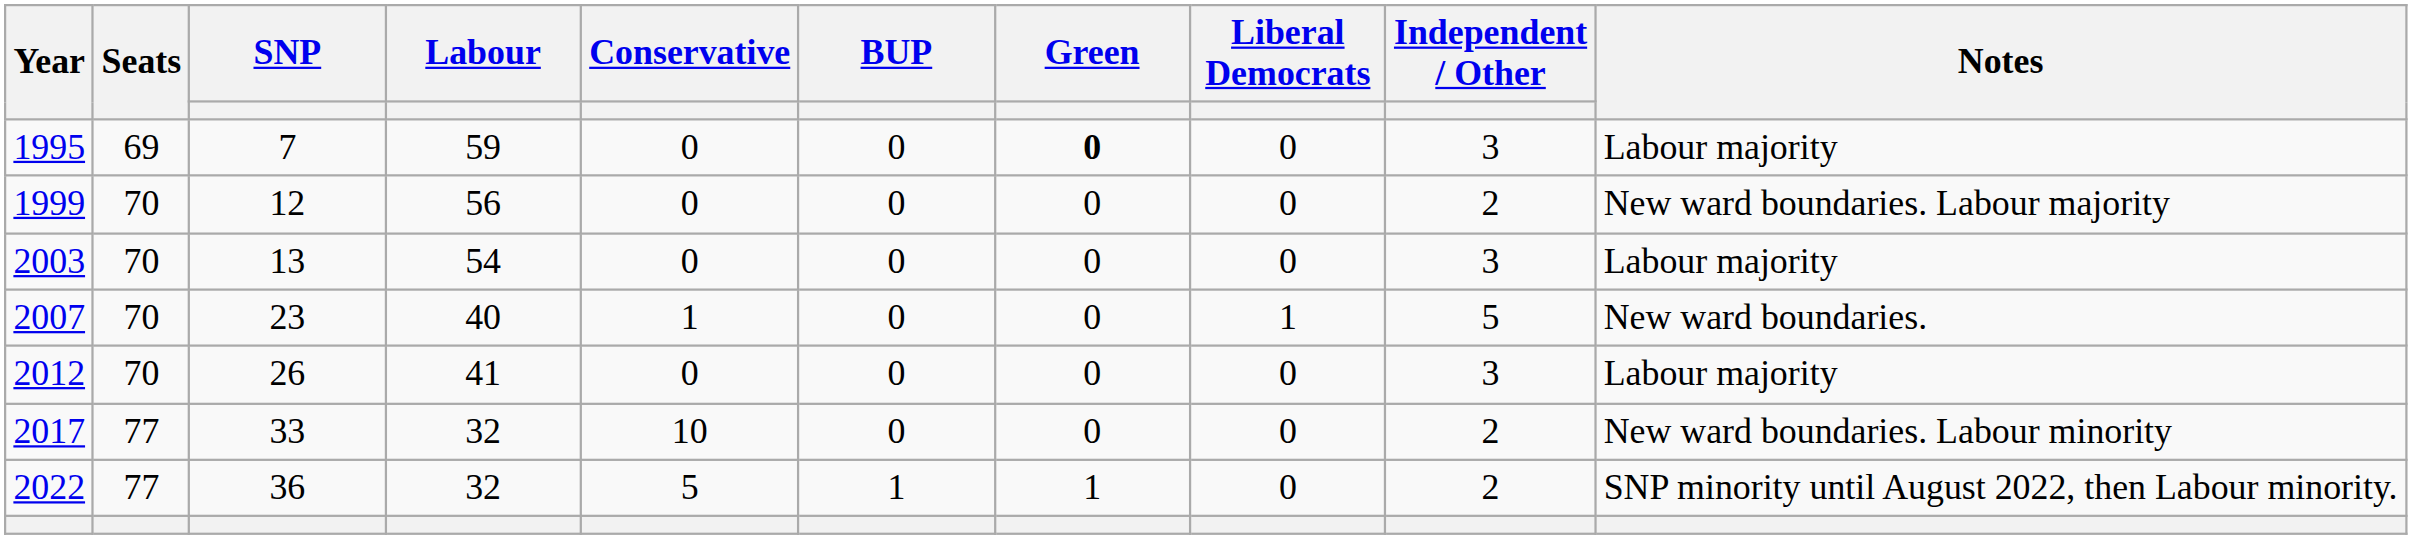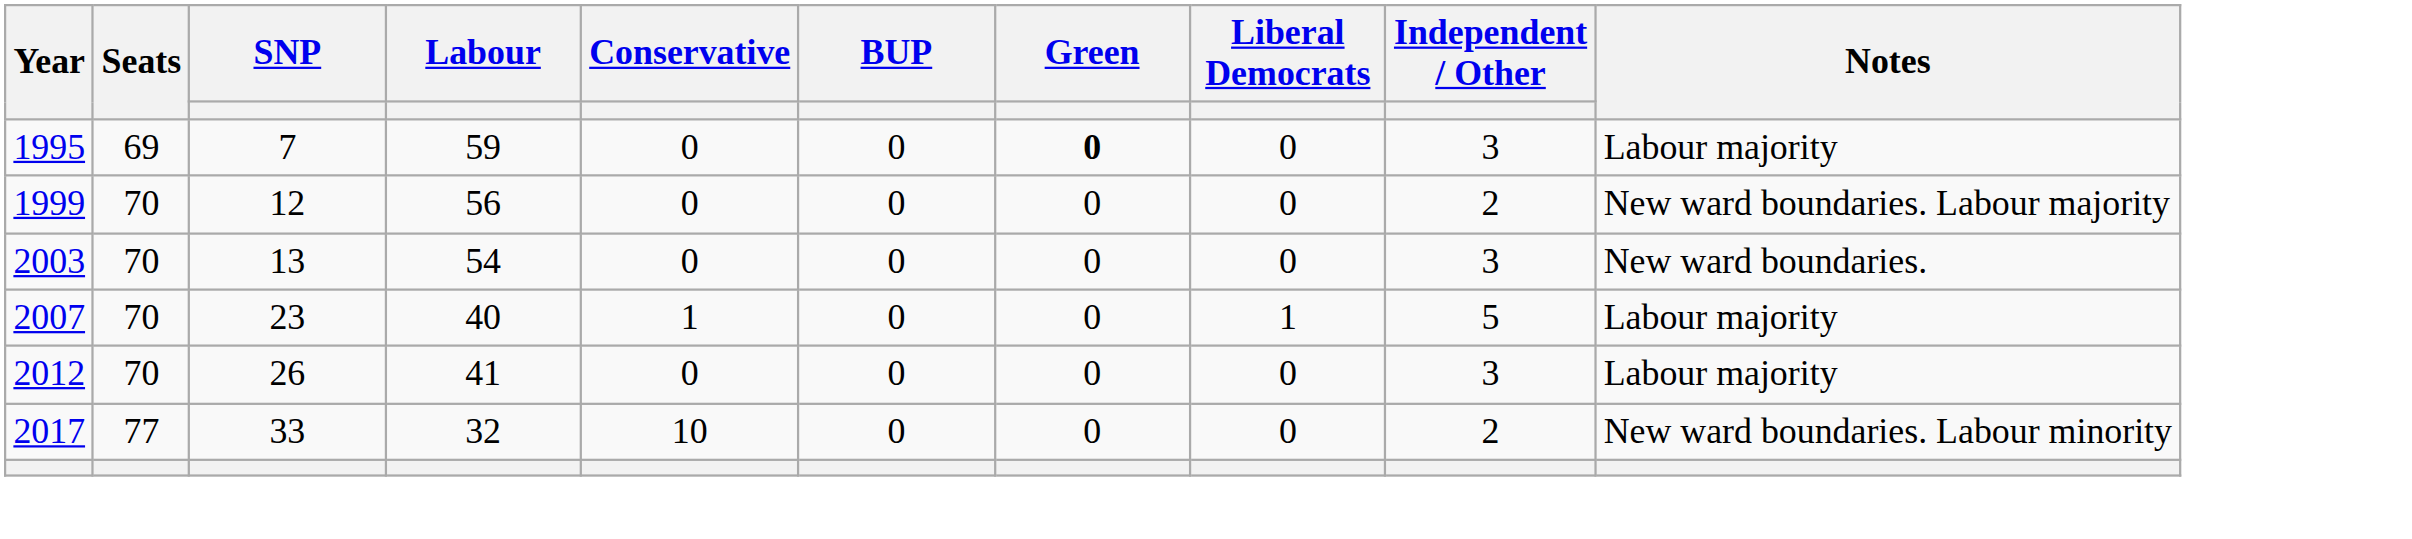 <table class="wikitable" style=text-align:center>
 <tr>
 <th rowspan=2><strong>Year</strong></th>
 <th rowspan=2><strong>Seats</strong></th>
 <th width="80"><a href='#'><strong>SNP</strong></a></th>
 <th width="80"><a href='#'><strong>Labour</strong></a></th>
 <th width="80"><strong><a href='#'>Conservative</a></strong></th>
 <th width="80"><a href='#'><strong>BUP</strong></a></th>
 <th width="80"><a href='#'><strong>Green</strong></a></th>
 <th width="80"><a href='#'><strong>Liberal Democrats</strong></a></th>
 <th width="80"><a href='#'><strong>Independent / Other</strong></a></th>
 <th rowspan=2><strong>Notes</strong></th>
 </tr>
 <tr>
 <th style="background-color: "></th>
 <th style="background-color: "></th>
 <th style="background-color: "></th>
 <th style="background-color: "></th>
 <th style="background-color: "></th>
 <th style="background-color: "></th>
 <th style="background-color: "></th>
 </tr>
 <tr>
 <td><a href='#'>1995</a></td>
 <td>69</td>
 <td>7</td>
 <td>59</td>
 <td>0</td>
 <td>0</td>
 <td><strong>0</strong></td>
 <td>0</td>
 <td>3</td>
 <td align=left>Labour majority</td>
 </tr>
 <tr>
 <td><a href='#'>1999</a></td>
 <td>70</td>
 <td>12</td>
 <td>56</td>
 <td>0</td>
 <td>0</td>
 <td>0</td>
 <td>0</td>
 <td>2</td>
 <td align=left>New ward boundaries. Labour majority</td>
 </tr>
 <tr>
 <td><a href='#'>2003</a></td>
 <td>70</td>
 <td>13</td>
 <td>54</td>
 <td>0</td>
 <td>0</td>
 <td>0</td>
 <td>0</td>
 <td>3</td>
-<td align=left>Labour majority</td>
+<td align=left>New ward boundaries.</td>
 </tr>
 <tr>
 <td><a href='#'>2007</a></td>
 <td>70</td>
 <td>23</td>
 <td>40</td>
 <td>1</td>
 <td>0</td>
 <td>0</td>
 <td>1</td>
 <td>5</td>
-<td align=left>New ward boundaries.</td>
+<td align=left>Labour majority</td>
 </tr>
 <tr>
 <td><a href='#'>2012</a></td>
 <td>70</td>
 <td>26</td>
 <td>41</td>
 <td>0</td>
 <td>0</td>
 <td>0</td>
 <td>0</td>
 <td>3</td>
 <td align=left>Labour majority</td>
 </tr>
 <tr>
 <td><a href='#'>2017</a></td>
 <td>77</td>
 <td>33</td>
 <td>32</td>
 <td>10</td>
 <td>0</td>
 <td>0</td>
 <td>0</td>
 <td>2</td>
 <td align=left>New ward boundaries. Labour minority</td>
 </tr>
 <tr>
-<td><a href='#'>2022</a></td>
-<td>77</td>
-<td>36</td>
-<td>32</td>
-<td>5</td>
-<td>1</td>
-<td>1</td>
-<td>0</td>
-<td>2</td>
-<td align=left>SNP minority until August 2022, then Labour minority.</td>
-</tr>
-<tr>
 <th></th>
 <th></th>
 <th style="background-color: "></th>
 <th style="background-color: "></th>
 <th style="background-color: "></th>
 <th style="background-color: "></th>
 <th style="background-color: "></th>
 <th style="background-color: "></th>
 <th style="background-color: "></th>
 <th></th>
 </tr>
 </table>
